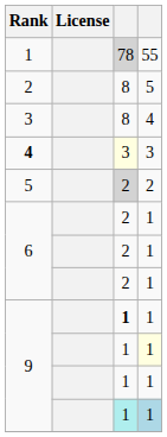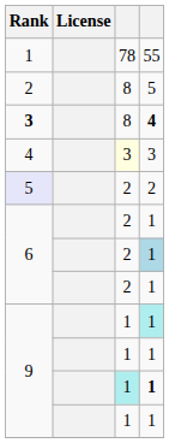 <table class="sortable plainrowheaders wikitable" style="font-size:1.00em; line-height:1.5em;">
 <tr>
 <th scope=col>Rank</th>
 <th scope=col>License</th>
 <th scope=col></th>
 <th scope=col></th>
 </tr>
 <tr>
 <td align=center>1</td>
 <th scope="row"></th>
-<td style="background: lightgrey; text-align:center;">78</td>
+<td style="text-align:center;">78</td>
 <td style="text-align:center;">55</td>
 </tr>
 <tr>
 <td align=center>2</td>
 <th scope="row"></th>
 <td style="text-align:center;">8</td>
 <td style="text-align:center;">5</td>
 </tr>
 <tr>
-<td align=center>3</td>
+<td align=center><strong>3</strong></td>
 <th scope="row"></th>
 <td style="text-align:center;">8</td>
-<td style="text-align:center;">4</td>
+<td style="text-align:center;"><strong>4</strong></td>
 </tr>
 <tr>
-<td align=center><strong>4</strong></td>
+<td align=center>4</td>
 <th scope="row"></th>
 <td style="background: lightyellow; text-align:center;">3</td>
 <td style="text-align:center;">3</td>
 </tr>
 <tr>
-<td align=center>5</td>
+<td align=center style="background: lavender;">5</td>
 <th scope="row"></th>
-<td style="background: lightgrey; text-align:center;">2</td>
+<td style="text-align:center;">2</td>
 <td style="text-align:center;">2</td>
 </tr>
 <tr>
 <td align=center rowspan="3">6</td>
 <th scope="row"></th>
 <td style="text-align:center;">2</td>
 <td style="text-align:center;">1</td>
 </tr>
 <tr>
 <th scope="row"></th>
 <td style="text-align:center;">2</td>
-<td style="text-align:center;">1</td>
+<td style="background: lightblue; text-align:center;">1</td>
 </tr>
 <tr>
 <th scope="row"></th>
 <td style="text-align:center;">2</td>
 <td style="text-align:center;">1</td>
 </tr>
 <tr>
 <td align=center rowspan="4">9</td>
 <th scope="row"></th>
-<td style="text-align:center;"><strong>1</strong></td>
 <td style="text-align:center;">1</td>
-</tr>
-<tr>
-<th scope="row"></th>
-<td style="text-align:center;">1</td>
-<td style="background: lightyellow; text-align:center;">1</td>
+<td style="background: paleturquoise; text-align:center;">1</td>
 </tr>
 <tr>
 <th scope="row"></th>
 <td style="text-align:center;">1</td>
 <td style="text-align:center;">1</td>
 </tr>
 <tr>
 <th scope="row"></th>
 <td style="background: paleturquoise; text-align:center;">1</td>
-<td style="background: lightblue; text-align:center;">1</td>
+<td style="text-align:center;"><strong>1</strong></td>
+</tr>
+<tr>
+<th scope="row"></th>
+<td style="text-align:center;">1</td>
+<td style="text-align:center;">1</td>
 </tr>
 <tr>
 </tr>
 </table>
